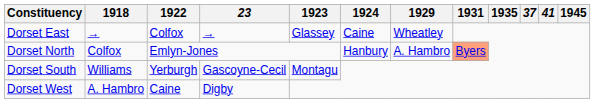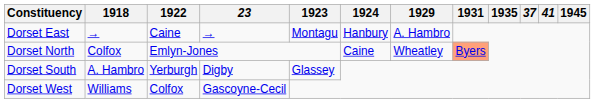 <table class="wikitable">
 <tr>
 <th>Constituency</th>
 <th>1918</th>
 <th>1922</th>
 <th><em>23</em></th>
 <th>1923</th>
 <th>1924</th>
 <th>1929</th>
 <th>1931</th>
 <th>1935</th>
 <th><em>37</em></th>
 <th><em>41</em></th>
 <th>1945</th>
 </tr>
 <tr>
 <td><a href='#'>Dorset East</a></td>
 <td><a href='#'>→</a></td>
-<td><a href='#'>Colfox</a></td>
+<td><a href='#'>Caine</a></td>
 <td><a href='#'>→</a></td>
-<td><a href='#'>Glassey</a></td>
-<td><a href='#'>Caine</a></td>
-<td><a href='#'>Wheatley</a></td>
+<td><a href='#'>Montagu</a></td>
+<td><a href='#'>Hanbury</a></td>
+<td><a href='#'>A. Hambro</a></td>
 </tr>
 <tr>
 <td><a href='#'>Dorset North</a></td>
 <td><a href='#'>Colfox</a></td>
 <td colspan="3"><a href='#'>Emlyn-Jones</a></td>
-<td><a href='#'>Hanbury</a></td>
-<td><a href='#'>A. Hambro</a></td>
+<td><a href='#'>Caine</a></td>
+<td><a href='#'>Wheatley</a></td>
 <td style="background: lightsalmon;"><a href='#'>Byers</a></td>
 </tr>
 <tr>
 <td><a href='#'>Dorset South</a></td>
-<td><a href='#'>Williams</a></td>
+<td><a href='#'>A. Hambro</a></td>
 <td><a href='#'>Yerburgh</a></td>
-<td><a href='#'>Gascoyne-Cecil</a></td>
-<td><a href='#'>Montagu</a></td>
+<td><a href='#'>Digby</a></td>
+<td><a href='#'>Glassey</a></td>
 </tr>
 <tr>
 <td><a href='#'>Dorset West</a></td>
-<td><a href='#'>A. Hambro</a></td>
-<td><a href='#'>Caine</a></td>
-<td><a href='#'>Digby</a></td>
+<td><a href='#'>Williams</a></td>
+<td><a href='#'>Colfox</a></td>
+<td><a href='#'>Gascoyne-Cecil</a></td>
 </tr>
 </table>
